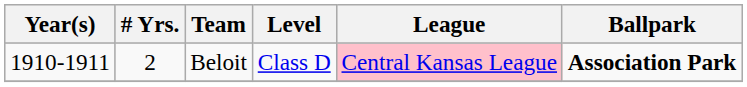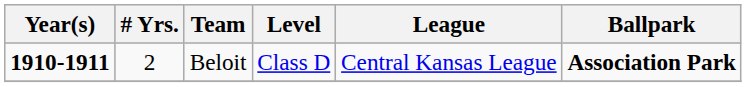 <table class="wikitable" style="text-align:center; font-size: 95%;">
 <tr>
 <th>Year(s)</th>
 <th># Yrs.</th>
 <th>Team</th>
 <th>Level</th>
 <th>League</th>
 <th>Ballpark</th>
 </tr>
 <tr>
-<td>1910-1911</td>
+<td><strong>1910-1911</strong></td>
 <td>2</td>
 <td>Beloit</td>
 <td><a href='#'>Class D</a></td>
-<td style="background: pink;"><a href='#'>Central Kansas League</a></td>
+<td><a href='#'>Central Kansas League</a></td>
 <td><strong>Association Park</strong></td>
 </tr>
 <tr>
 </tr>
 </table>
